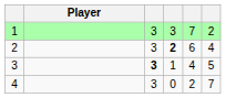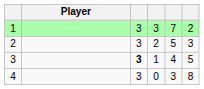 <table class="wikitable" style="text-align: center;">
 <tr>
 <th width=20></th>
 <th width=165>Player</th>
 <th width=20></th>
 <th width=20></th>
 <th width=20></th>
 <th width=20></th>
 </tr>
 <tr style="background:#aaffaa;">
 <td>1</td>
 <td style="text-align:left;"></td>
 <td>3</td>
 <td>3</td>
 <td>7</td>
 <td>2</td>
 </tr>
 <tr>
 <td>2</td>
 <td style="text-align:left;"></td>
 <td>3</td>
-<td><strong>2</strong></td>
-<td>6</td>
-<td>4</td>
+<td>2</td>
+<td>5</td>
+<td>3</td>
 </tr>
 <tr>
 <td>3</td>
 <td style="text-align:left;"></td>
 <td><strong>3</strong></td>
 <td>1</td>
 <td>4</td>
 <td>5</td>
 </tr>
 <tr>
 <td>4</td>
 <td style="text-align:left;"></td>
 <td>3</td>
 <td>0</td>
-<td>2</td>
-<td>7</td>
+<td>3</td>
+<td>8</td>
 </tr>
 </table>
